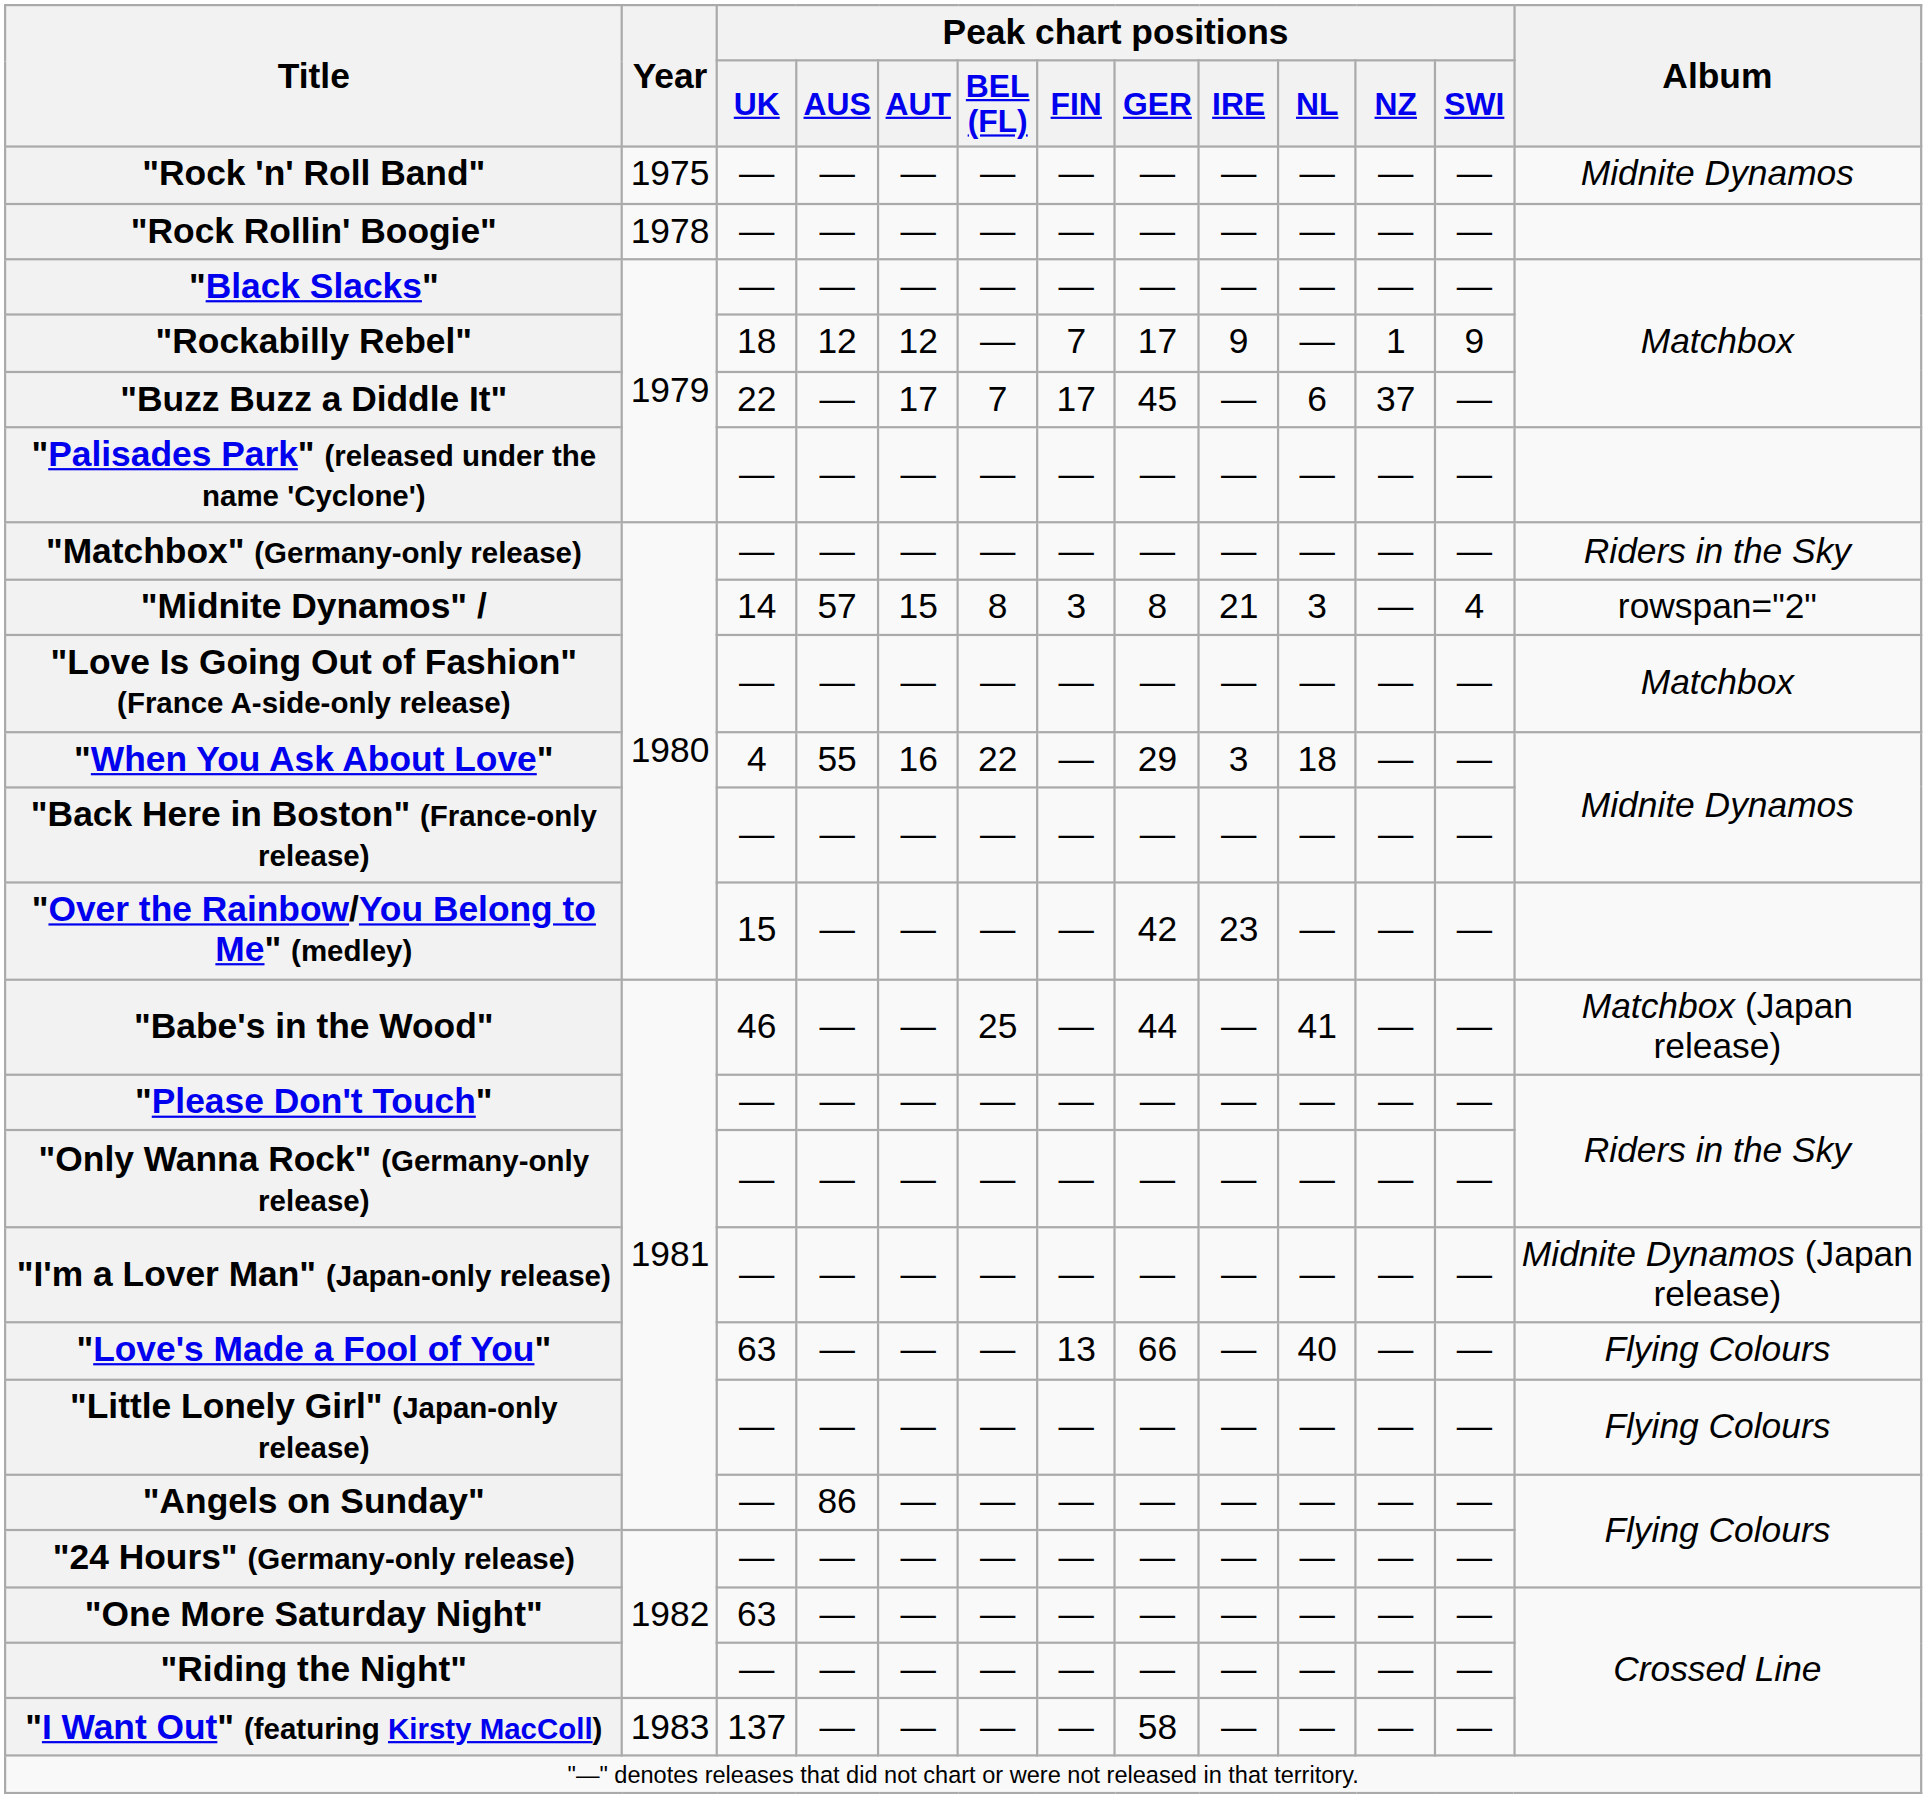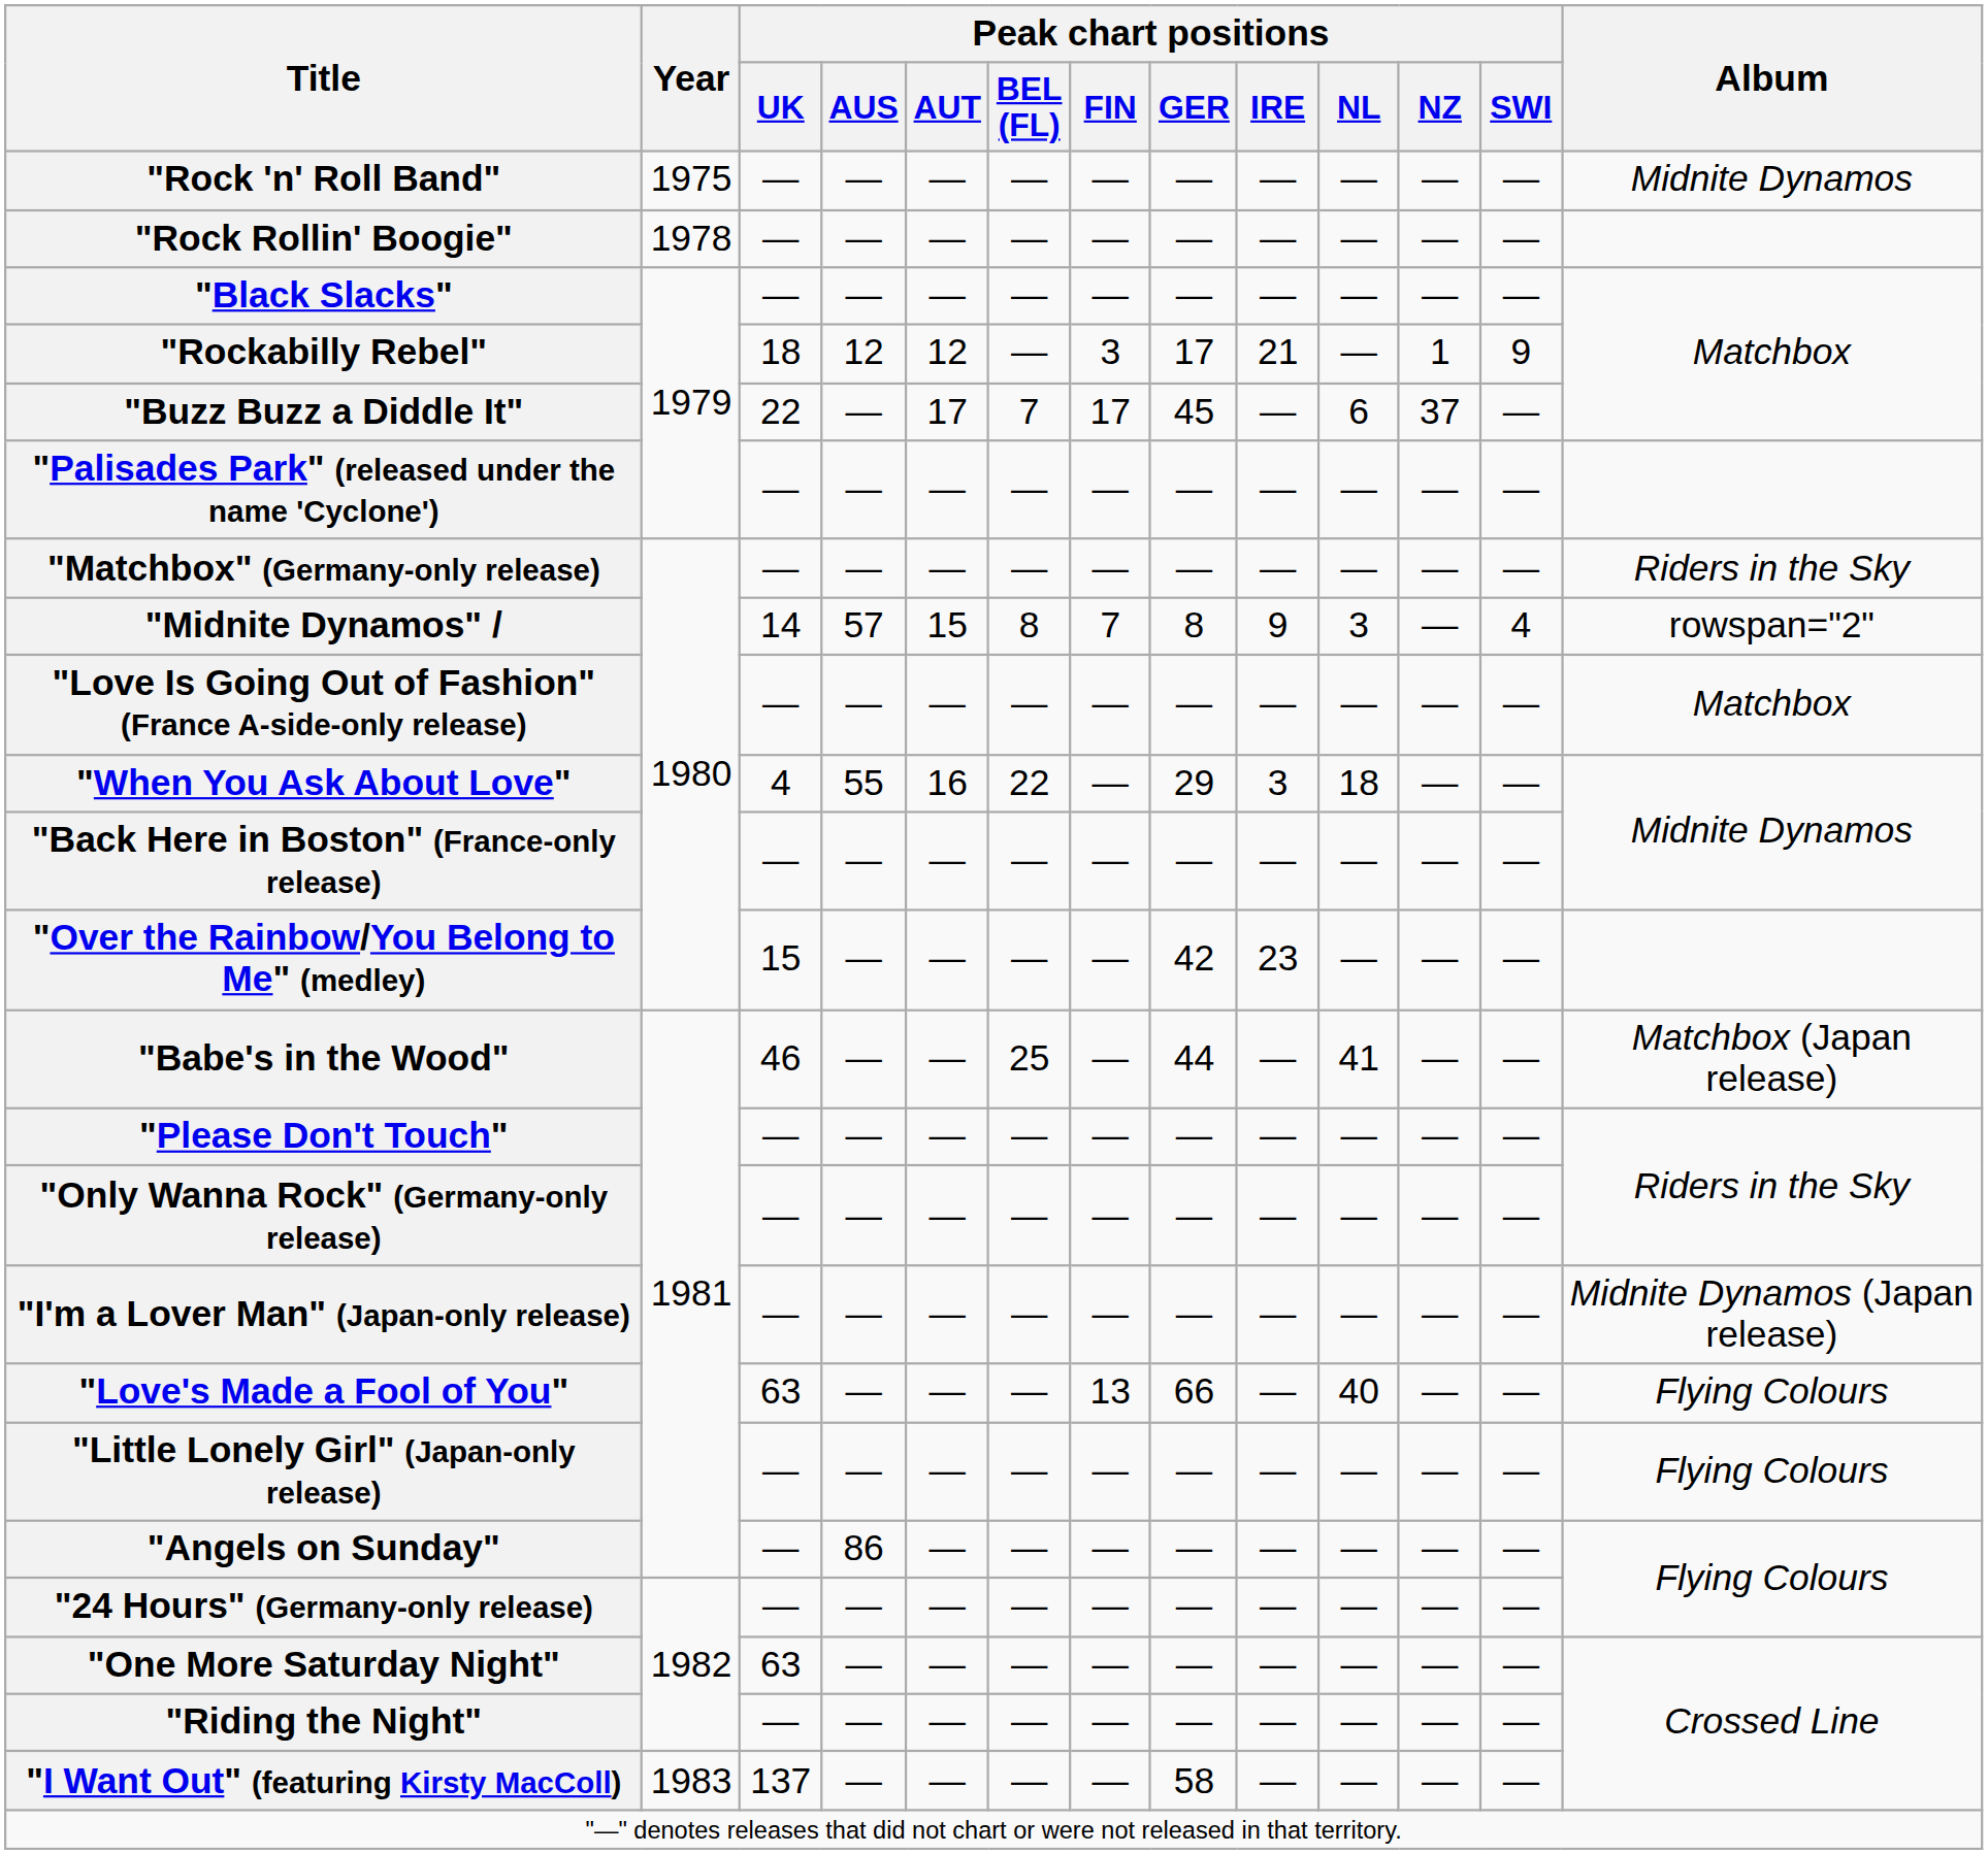 <table class="wikitable plainrowheaders" style="text-align:center;">
 <tr>
 <th rowspan="2" scope="col" style="width:17em;">Title</th>
 <th rowspan="2" scope="col" style="width:2em;">Year</th>
 <th colspan="10">Peak chart positions</th>
 <th rowspan="2">Album</th>
 </tr>
 <tr>
 <th scope="col" style="width:2em;font-size:90%;"><a href='#'>UK</a><br></th>
 <th scope="col" style="width:2em;font-size:90%;"><a href='#'>AUS</a><br></th>
 <th scope="col" style="width:2em;font-size:90%;"><a href='#'>AUT</a><br></th>
 <th scope="col" style="width:2em;font-size:90%;"><a href='#'>BEL (FL)</a><br></th>
 <th scope="col" style="width:2em;font-size:90%;"><a href='#'>FIN</a><br></th>
 <th scope="col" style="width:2em;font-size:90%;"><a href='#'>GER</a><br></th>
 <th scope="col" style="width:2em;font-size:90%;"><a href='#'>IRE</a><br></th>
 <th scope="col" style="width:2em;font-size:90%;"><a href='#'>NL</a><br></th>
 <th scope="col" style="width:2em;font-size:90%;"><a href='#'>NZ</a><br></th>
 <th scope="col" style="width:2em;font-size:90%;"><a href='#'>SWI</a><br></th>
 </tr>
 <tr>
 <th scope="row">"Rock 'n' Roll Band"</th>
 <td>1975</td>
 <td>—</td>
 <td>—</td>
 <td>—</td>
 <td>—</td>
 <td>—</td>
 <td>—</td>
 <td>—</td>
 <td>—</td>
 <td>—</td>
 <td>—</td>
 <td><em>Midnite Dynamos</em></td>
 </tr>
 <tr>
 <th scope="row">"Rock Rollin' Boogie"</th>
 <td>1978</td>
 <td>—</td>
 <td>—</td>
 <td>—</td>
 <td>—</td>
 <td>—</td>
 <td>—</td>
 <td>—</td>
 <td>—</td>
 <td>—</td>
 <td>—</td>
 </tr>
 <tr>
 <th scope="row">"<a href='#'>Black Slacks</a>"</th>
 <td rowspan="4">1979</td>
 <td>—</td>
 <td>—</td>
 <td>—</td>
 <td>—</td>
 <td>—</td>
 <td>—</td>
 <td>—</td>
 <td>—</td>
 <td>—</td>
 <td>—</td>
 <td rowspan="3"><em>Matchbox</em></td>
 </tr>
 <tr>
 <th scope="row">"Rockabilly Rebel"</th>
 <td>18</td>
 <td>12</td>
 <td>12</td>
 <td>—</td>
-<td>7</td>
+<td>3</td>
 <td>17</td>
-<td>9</td>
+<td>21</td>
 <td>—</td>
 <td>1</td>
 <td>9</td>
 </tr>
 <tr>
 <th scope="row">"Buzz Buzz a Diddle It"</th>
 <td>22</td>
 <td>—</td>
 <td>17</td>
 <td>7</td>
 <td>17</td>
 <td>45</td>
 <td>—</td>
 <td>6</td>
 <td>37</td>
 <td>—</td>
 </tr>
 <tr>
 <th scope="row">"<a href='#'>Palisades Park</a>" <small>(released under the name 'Cyclone')</small></th>
 <td>—</td>
 <td>—</td>
 <td>—</td>
 <td>—</td>
 <td>—</td>
 <td>—</td>
 <td>—</td>
 <td>—</td>
 <td>—</td>
 <td>—</td>
 <td></td>
 </tr>
 <tr>
 <th scope="row">"Matchbox" <small>(Germany-only release)</small></th>
 <td rowspan="6">1980</td>
 <td>—</td>
 <td>—</td>
 <td>—</td>
 <td>—</td>
 <td>—</td>
 <td>—</td>
 <td>—</td>
 <td>—</td>
 <td>—</td>
 <td>—</td>
 <td><em>Riders in the Sky</em></td>
 </tr>
 <tr>
 <th scope="row">"Midnite Dynamos" /</th>
 <td>14</td>
 <td>57</td>
 <td>15</td>
 <td>8</td>
-<td>3</td>
+<td>7</td>
 <td>8</td>
-<td>21</td>
+<td>9</td>
 <td>3</td>
 <td>—</td>
 <td>4</td>
 <td>rowspan="2" </td>
 </tr>
 <tr>
 <th scope="row">"Love Is Going Out of Fashion" <small>(France A-side-only release)</small></th>
 <td>—</td>
 <td>—</td>
 <td>—</td>
 <td>—</td>
 <td>—</td>
 <td>—</td>
 <td>—</td>
 <td>—</td>
 <td>—</td>
 <td>—</td>
 <td><em>Matchbox</em></td>
 </tr>
 <tr>
 <th scope="row">"<a href='#'>When You Ask About Love</a>"</th>
 <td>4</td>
 <td>55</td>
 <td>16</td>
 <td>22</td>
 <td>—</td>
 <td>29</td>
 <td>3</td>
 <td>18</td>
 <td>—</td>
 <td>—</td>
 <td rowspan="2"><em>Midnite Dynamos</em></td>
 </tr>
 <tr>
 <th scope="row">"Back Here in Boston" <small>(France-only release)</small></th>
 <td>—</td>
 <td>—</td>
 <td>—</td>
 <td>—</td>
 <td>—</td>
 <td>—</td>
 <td>—</td>
 <td>—</td>
 <td>—</td>
 <td>—</td>
 </tr>
 <tr>
 <th scope="row">"<a href='#'>Over the Rainbow</a>/<a href='#'>You Belong to Me</a>" <small>(medley)</small></th>
 <td>15</td>
 <td>—</td>
 <td>—</td>
 <td>—</td>
 <td>—</td>
 <td>42</td>
 <td>23</td>
 <td>—</td>
 <td>—</td>
 <td>—</td>
 <td></td>
 </tr>
 <tr>
 <th scope="row">"Babe's in the Wood"</th>
 <td rowspan="7">1981</td>
 <td>46</td>
 <td>—</td>
 <td>—</td>
 <td>25</td>
 <td>—</td>
 <td>44</td>
 <td>—</td>
 <td>41</td>
 <td>—</td>
 <td>—</td>
 <td><em>Matchbox</em> (Japan release)</td>
 </tr>
 <tr>
 <th scope="row">"<a href='#'>Please Don't Touch</a>"</th>
 <td>—</td>
 <td>—</td>
 <td>—</td>
 <td>—</td>
 <td>—</td>
 <td>—</td>
 <td>—</td>
 <td>—</td>
 <td>—</td>
 <td>—</td>
 <td rowspan="2"><em>Riders in the Sky</em></td>
 </tr>
 <tr>
 <th scope="row">"Only Wanna Rock" <small>(Germany-only release)</small></th>
 <td>—</td>
 <td>—</td>
 <td>—</td>
 <td>—</td>
 <td>—</td>
 <td>—</td>
 <td>—</td>
 <td>—</td>
 <td>—</td>
 <td>—</td>
 </tr>
 <tr>
 <th scope="row">"I'm a Lover Man" <small>(Japan-only release)</small></th>
 <td>—</td>
 <td>—</td>
 <td>—</td>
 <td>—</td>
 <td>—</td>
 <td>—</td>
 <td>—</td>
 <td>—</td>
 <td>—</td>
 <td>—</td>
 <td><em>Midnite Dynamos</em> (Japan release)</td>
 </tr>
 <tr>
 <th scope="row">"<a href='#'>Love's Made a Fool of You</a>"</th>
 <td>63</td>
 <td>—</td>
 <td>—</td>
 <td>—</td>
 <td>13</td>
 <td>66</td>
 <td>—</td>
 <td>40</td>
 <td>—</td>
 <td>—</td>
 <td><em>Flying Colours</em></td>
 </tr>
 <tr>
 <th scope="row">"Little Lonely Girl" <small>(Japan-only release)</small></th>
 <td>—</td>
 <td>—</td>
 <td>—</td>
 <td>—</td>
 <td>—</td>
 <td>—</td>
 <td>—</td>
 <td>—</td>
 <td>—</td>
 <td>—</td>
 <td><em>Flying Colours</em></td>
 </tr>
 <tr>
 <th scope="row">"Angels on Sunday"</th>
 <td>—</td>
 <td>86</td>
 <td>—</td>
 <td>—</td>
 <td>—</td>
 <td>—</td>
 <td>—</td>
 <td>—</td>
 <td>—</td>
 <td>—</td>
 <td rowspan="2"><em>Flying Colours</em></td>
 </tr>
 <tr>
 <th scope="row">"24 Hours" <small>(Germany-only release)</small></th>
 <td rowspan="3">1982</td>
 <td>—</td>
 <td>—</td>
 <td>—</td>
 <td>—</td>
 <td>—</td>
 <td>—</td>
 <td>—</td>
 <td>—</td>
 <td>—</td>
 <td>—</td>
 </tr>
 <tr>
 <th scope="row">"One More Saturday Night"</th>
 <td>63</td>
 <td>—</td>
 <td>—</td>
 <td>—</td>
 <td>—</td>
 <td>—</td>
 <td>—</td>
 <td>—</td>
 <td>—</td>
 <td>—</td>
 <td rowspan="3"><em>Crossed Line</em></td>
 </tr>
 <tr>
 <th scope="row">"Riding the Night"</th>
 <td>—</td>
 <td>—</td>
 <td>—</td>
 <td>—</td>
 <td>—</td>
 <td>—</td>
 <td>—</td>
 <td>—</td>
 <td>—</td>
 <td>—</td>
 </tr>
 <tr>
 <th scope="row">"<a href='#'>I Want Out</a>" <small>(featuring <a href='#'>Kirsty MacColl</a>)</small></th>
 <td>1983</td>
 <td>137</td>
 <td>—</td>
 <td>—</td>
 <td>—</td>
 <td>—</td>
 <td>58</td>
 <td>—</td>
 <td>—</td>
 <td>—</td>
 <td>—</td>
 </tr>
 <tr>
 <td colspan="13" style="font-size:8pt">"—" denotes releases that did not chart or were not released in that territory.</td>
 </tr>
 </table>
